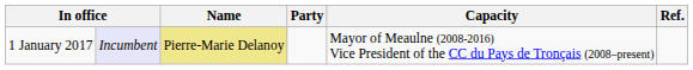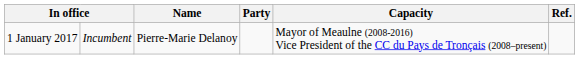 <table class="wikitable">
 <tr>
 <th colspan="2">In office</th>
 <th>Name</th>
 <th>Party</th>
 <th>Capacity</th>
 <th>Ref.</th>
 </tr>
 <tr>
 <td>1 January 2017</td>
-<td style="background: lavender;"><em>Incumbent</em></td>
-<td style="background: khaki;">Pierre-Marie Delanoy</td>
+<td><em>Incumbent</em></td>
+<td>Pierre-Marie Delanoy</td>
 <td></td>
 <td>Mayor of Meaulne <small>(2008-2016)</small><br>Vice President of the <a href='#'>CC du Pays de Tronçais</a>  <small>(2008–present)</small></td>
 <td></td>
 </tr>
 </table>
